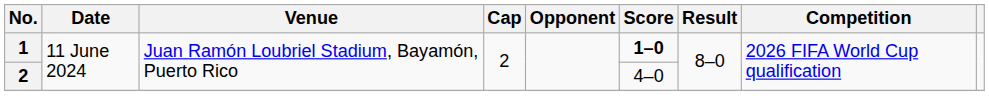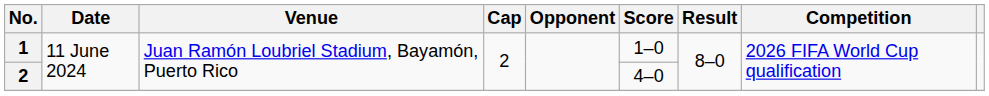 <table class="wikitable sortable">
 <tr>
 <th scope="col">No.</th>
 <th scope="col">Date</th>
 <th scope="col">Venue</th>
 <th scope="col">Cap</th>
 <th scope="col">Opponent</th>
 <th scope="col">Score</th>
 <th scope="col">Result</th>
 <th scope="col">Competition</th>
 <th scope="col" class="unsortable"></th>
 </tr>
 <tr>
 <th scope="row" style="text-align: center;">1</th>
 <td rowspan="2">11 June 2024</td>
 <td rowspan="2"><a href='#'>Juan Ramón Loubriel Stadium</a>, Bayamón, Puerto Rico</td>
 <td rowspan="2" style="text-align: center;">2</td>
 <td rowspan="2"></td>
-<td style="text-align: center;"><strong>1–0</strong></td>
+<td style="text-align: center;">1–0</td>
 <td rowspan="2" style="text-align: center;">8–0</td>
 <td rowspan="2"><a href='#'>2026 FIFA World Cup qualification</a></td>
 <td rowspan="2" style="text-align: center;"></td>
 </tr>
 <tr>
 <th scope="row" style="text-align: center;">2</th>
 <td style="text-align: center;">4–0</td>
 </tr>
 <tr>
 </tr>
 </table>
